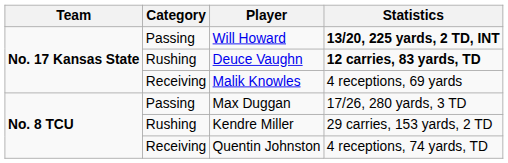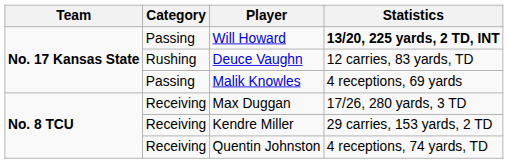 <table class="wikitable" style="float: right;">
 <tr>
 <th>Team</th>
 <th>Category</th>
 <th>Player</th>
 <th>Statistics</th>
 </tr>
 <tr>
 <td rowspan=3><strong>No. 17 Kansas State</strong></td>
 <td>Passing</td>
 <td><a href='#'>Will Howard</a></td>
 <td><strong>13/20, 225 yards, 2 TD, INT</strong></td>
 </tr>
 <tr>
 <td>Rushing</td>
 <td><a href='#'>Deuce Vaughn</a></td>
-<td><strong>12 carries, 83 yards, TD</strong></td>
+<td>12 carries, 83 yards, TD</td>
 </tr>
 <tr>
-<td>Receiving</td>
+<td>Passing</td>
 <td><a href='#'>Malik Knowles</a></td>
 <td>4 receptions, 69 yards</td>
 </tr>
 <tr>
 <td rowspan=3><strong>No. 8 TCU</strong></td>
-<td>Passing</td>
+<td>Receiving</td>
 <td>Max Duggan</td>
 <td>17/26, 280 yards, 3 TD</td>
 </tr>
 <tr>
-<td>Rushing</td>
+<td>Receiving</td>
 <td>Kendre Miller</td>
 <td>29 carries, 153 yards, 2 TD</td>
 </tr>
 <tr>
 <td>Receiving</td>
 <td>Quentin Johnston</td>
 <td>4 receptions, 74 yards, TD</td>
 </tr>
 </table>
